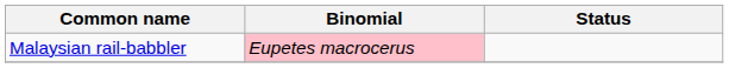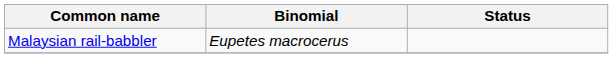 <table width=72% class="wikitable">
 <tr>
 <th width=24%>Common name</th>
 <th width=24%>Binomial</th>
 <th width=24%>Status</th>
 </tr>
 <tr>
 <td><a href='#'>Malaysian rail-babbler</a></td>
-<td style="background: pink;"><em>Eupetes macrocerus</em></td>
+<td><em>Eupetes macrocerus</em></td>
 <td></td>
 </tr>
 <tr>
 </tr>
 </table>
